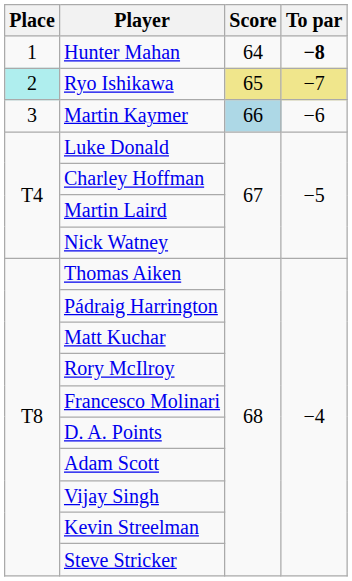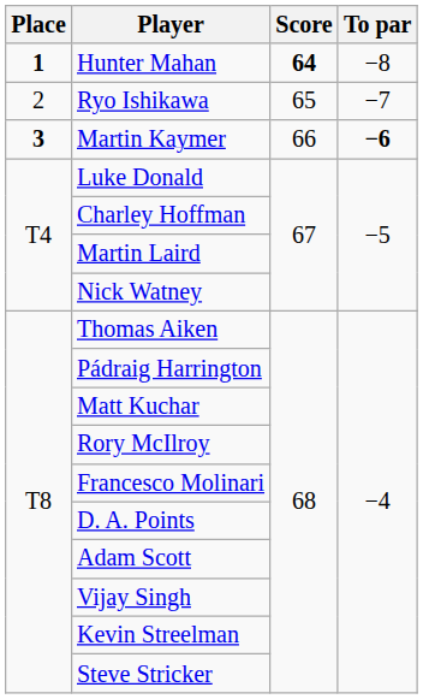 <table class="wikitable">
 <tr>
 <th>Place</th>
 <th>Player</th>
 <th>Score</th>
 <th>To par</th>
 </tr>
 <tr>
-<td align=center>1</td>
+<td align=center><strong>1</strong></td>
 <td> <a href='#'>Hunter Mahan</a></td>
-<td align=center>64</td>
-<td align=center><strong>−8</strong></td>
+<td align=center><strong>64</strong></td>
+<td align=center>−8</td>
 </tr>
 <tr>
-<td align=center style="background: paleturquoise;">2</td>
+<td align=center>2</td>
 <td> <a href='#'>Ryo Ishikawa</a></td>
-<td align=center style="background: khaki;">65</td>
-<td align=center style="background: khaki;">−7</td>
+<td align=center>65</td>
+<td align=center>−7</td>
 </tr>
 <tr>
-<td align=center>3</td>
+<td align=center><strong>3</strong></td>
 <td> <a href='#'>Martin Kaymer</a></td>
-<td align=center style="background: lightblue;">66</td>
-<td align=center>−6</td>
+<td align=center>66</td>
+<td align=center><strong>−6</strong></td>
 </tr>
 <tr>
 <td rowspan="4" align=center>T4</td>
 <td> <a href='#'>Luke Donald</a></td>
 <td rowspan="4" align=center>67</td>
 <td rowspan="4" align=center>−5</td>
 </tr>
 <tr>
 <td> <a href='#'>Charley Hoffman</a></td>
 </tr>
 <tr>
 <td> <a href='#'>Martin Laird</a></td>
 </tr>
 <tr>
 <td> <a href='#'>Nick Watney</a></td>
 </tr>
 <tr>
 <td rowspan="10" align=center>T8</td>
 <td> <a href='#'>Thomas Aiken</a></td>
 <td rowspan="10" align=center>68</td>
 <td rowspan="10" align=center>−4</td>
 </tr>
 <tr>
 <td> <a href='#'>Pádraig Harrington</a></td>
 </tr>
 <tr>
 <td> <a href='#'>Matt Kuchar</a></td>
 </tr>
 <tr>
 <td> <a href='#'>Rory McIlroy</a></td>
 </tr>
 <tr>
 <td> <a href='#'>Francesco Molinari</a></td>
 </tr>
 <tr>
 <td> <a href='#'>D. A. Points</a></td>
 </tr>
 <tr>
 <td> <a href='#'>Adam Scott</a></td>
 </tr>
 <tr>
 <td> <a href='#'>Vijay Singh</a></td>
 </tr>
 <tr>
 <td> <a href='#'>Kevin Streelman</a></td>
 </tr>
 <tr>
 <td> <a href='#'>Steve Stricker</a></td>
 </tr>
 </table>
